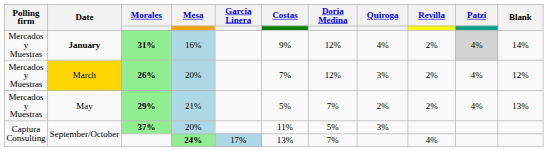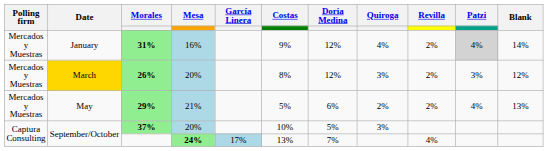 <table class="wikitable" style="text-align:center;font-size:90%;line-height:14px;">
 <tr>
 <th rowspan="2">Polling firm</th>
 <th rowspan="2">Date</th>
 <th style="width:120px"><a href='#'>Morales</a></th>
 <th style="width:120px"><a href='#'>Mesa</a></th>
 <th style="width:120px"><a href='#'>García Linera</a></th>
 <th style="width:120px"><a href='#'>Costas</a></th>
 <th style="width:120px"><a href='#'>Doria Medina</a></th>
 <th style="width:120px"><a href='#'>Quiroga</a></th>
 <th style="width:120px"><a href='#'>Revilla</a></th>
 <th style="width:120px"><a href='#'>Patzi</a></th>
 <th rowspan="2" style="width:120px">Blank</th>
 </tr>
 <tr>
 <th style="background:"></th>
 <th style="background:orange;"></th>
 <th style="background:"></th>
 <th style="background:Green"></th>
 <th style="background:"></th>
 <th style="background:"></th>
 <th style="background:Yellow"></th>
 <th style="background:#00A18A"></th>
 </tr>
 <tr>
 <td>Mercados y Muestras</td>
-<td><strong>January</strong></td>
+<td>January</td>
 <td style="background:lightgreen"><strong>31%</strong></td>
 <td style="background:lightblue">16%</td>
 <td></td>
 <td>9%</td>
 <td>12%</td>
 <td>4%</td>
 <td>2%</td>
 <td style="background: lightgrey;">4%</td>
 <td>14%</td>
 </tr>
 <tr>
 <td>Mercados y Muestras</td>
 <td style="background: gold;">March</td>
 <td style="background:lightgreen"><strong>26%</strong></td>
 <td style="background:lightblue">20%</td>
 <td></td>
-<td>7%</td>
+<td>8%</td>
 <td>12%</td>
 <td>3%</td>
 <td>2%</td>
-<td>4%</td>
+<td>3%</td>
 <td>12%</td>
 </tr>
 <tr>
 <td>Mercados y Muestras</td>
 <td>May</td>
 <td style="background:lightgreen"><strong>29%</strong></td>
 <td style="background:lightblue">21%</td>
 <td></td>
 <td>5%</td>
-<td>7%</td>
+<td>6%</td>
 <td>2%</td>
 <td>2%</td>
 <td>4%</td>
 <td>13%</td>
 </tr>
 <tr>
 <td rowspan="2">Captura Consulting</td>
 <td rowspan="2">September/October</td>
 <td style="background:lightgreen"><strong>37%</strong></td>
 <td style="background:lightblue">20%</td>
 <td></td>
-<td>11%</td>
+<td>10%</td>
 <td>5%</td>
 <td>3%</td>
 <td></td>
 <td></td>
 <td></td>
 </tr>
 <tr>
 <td></td>
 <td style="background:lightgreen"><strong>24%</strong></td>
 <td style="background:lightblue">17%</td>
 <td>13%</td>
 <td>7%</td>
 <td></td>
 <td>4%</td>
 <td></td>
 <td></td>
 </tr>
 </table>
